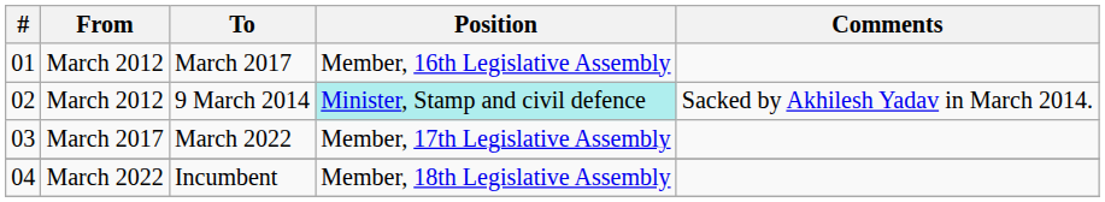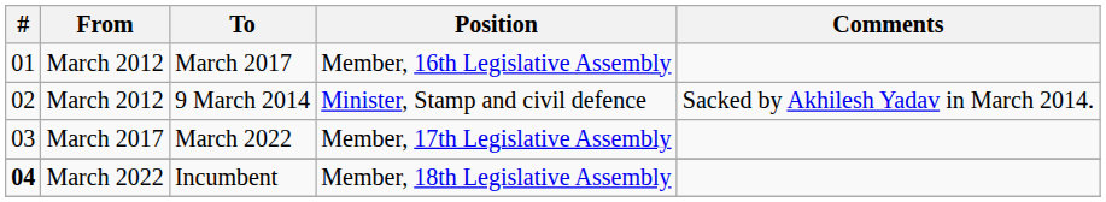 <table class="wikitable sortable">
 <tr>
 <th>#</th>
 <th>From</th>
 <th>To</th>
 <th>Position</th>
 <th>Comments</th>
 </tr>
 <tr>
 <td>01</td>
 <td>March 2012</td>
 <td>March 2017</td>
 <td>Member, <a href='#'>16th Legislative Assembly</a></td>
 <td></td>
 </tr>
 <tr>
 <td>02</td>
 <td>March 2012</td>
 <td>9 March 2014</td>
-<td style="background: paleturquoise;"><a href='#'>Minister</a>, Stamp and civil defence</td>
+<td><a href='#'>Minister</a>, Stamp and civil defence</td>
 <td>Sacked by <a href='#'>Akhilesh Yadav</a> in March 2014.</td>
 </tr>
 <tr>
 <td>03</td>
 <td>March 2017</td>
 <td>March 2022</td>
 <td>Member, <a href='#'>17th Legislative Assembly</a></td>
 <td></td>
 </tr>
 <tr>
 </tr>
 <tr>
-<td>04</td>
+<td><strong>04</strong></td>
 <td>March 2022</td>
 <td>Incumbent</td>
 <td>Member, <a href='#'>18th Legislative Assembly</a></td>
 <td></td>
 </tr>
 <tr>
 </tr>
 </table>
